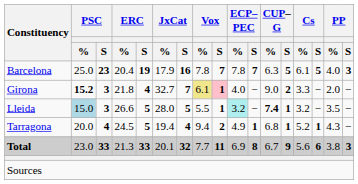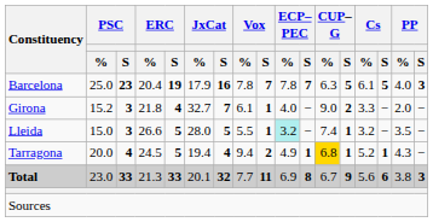 <table class="wikitable sortable" style="text-align:right; line-height:20px;">
 <tr>
 <th rowspan="3">Constituency</th>
 <th colspan="2" width="30px" class="unsortable"><a href='#'>PSC</a></th>
 <th colspan="2" width="30px" class="unsortable"><a href='#'>ERC</a></th>
 <th colspan="2" width="30px" class="unsortable"><a href='#'>JxCat</a></th>
 <th colspan="2" width="30px" class="unsortable"><a href='#'>Vox</a></th>
 <th colspan="2" width="30px" class="unsortable"><a href='#'>ECP–PEC</a></th>
 <th colspan="2" width="30px" class="unsortable"><a href='#'>CUP</a>–<a href='#'>G</a></th>
 <th colspan="2" width="30px" class="unsortable"><a href='#'>Cs</a></th>
 <th colspan="2" width="30px" class="unsortable"><a href='#'>PP</a></th>
 </tr>
 <tr>
 <th colspan="2" style="background:"></th>
 <th colspan="2" style="background:"></th>
 <th colspan="2" style="background:"></th>
 <th colspan="2" style="background:"></th>
 <th colspan="2" style="background:"></th>
 <th colspan="2" style="background:"></th>
 <th colspan="2" style="background:"></th>
 <th colspan="2" style="background:"></th>
 </tr>
 <tr>
 <th data-sort-type="number">%</th>
 <th data-sort-type="number">S</th>
 <th data-sort-type="number">%</th>
 <th data-sort-type="number">S</th>
 <th data-sort-type="number">%</th>
 <th data-sort-type="number">S</th>
 <th data-sort-type="number">%</th>
 <th data-sort-type="number">S</th>
 <th data-sort-type="number">%</th>
 <th data-sort-type="number">S</th>
 <th data-sort-type="number">%</th>
 <th data-sort-type="number">S</th>
 <th data-sort-type="number">%</th>
 <th data-sort-type="number">S</th>
 <th data-sort-type="number">%</th>
 <th data-sort-type="number">S</th>
 </tr>
 <tr>
 <td align="left"><a href='#'>Barcelona</a></td>
 <td style="background:">25.0</td>
 <td><strong>23</strong></td>
 <td>20.4</td>
 <td><strong>19</strong></td>
 <td>17.9</td>
 <td><strong>16</strong></td>
 <td>7.8</td>
 <td><strong>7</strong></td>
 <td>7.8</td>
 <td><strong>7</strong></td>
 <td>6.3</td>
 <td><strong>5</strong></td>
 <td>6.1</td>
 <td><strong>5</strong></td>
 <td>4.0</td>
 <td><strong>3</strong></td>
 </tr>
 <tr>
 <td align="left"><a href='#'>Girona</a></td>
-<td><strong>15.2</strong></td>
+<td>15.2</td>
 <td><strong>3</strong></td>
 <td>21.8</td>
 <td><strong>4</strong></td>
 <td style="background:">32.7</td>
 <td><strong>7</strong></td>
-<td style="background: khaki;">6.1</td>
-<td style="background: pink;"><strong>1</strong></td>
+<td>6.1</td>
+<td><strong>1</strong></td>
 <td>4.0</td>
 <td>−</td>
 <td>9.0</td>
 <td><strong>2</strong></td>
 <td>3.3</td>
 <td>−</td>
 <td>2.0</td>
 <td>−</td>
 </tr>
 <tr>
 <td align="left"><a href='#'>Lleida</a></td>
-<td style="background: lightblue;">15.0</td>
+<td>15.0</td>
 <td><strong>3</strong></td>
 <td>26.6</td>
 <td><strong>5</strong></td>
 <td style="background:">28.0</td>
 <td><strong>5</strong></td>
 <td>5.5</td>
 <td><strong>1</strong></td>
 <td style="background: paleturquoise;">3.2</td>
 <td>−</td>
-<td><strong>7.4</strong></td>
+<td>7.4</td>
 <td><strong>1</strong></td>
 <td>3.2</td>
 <td>−</td>
 <td>3.5</td>
 <td>−</td>
 </tr>
 <tr>
 <td align="left"><a href='#'>Tarragona</a></td>
 <td>20.0</td>
 <td><strong>4</strong></td>
 <td style="background:">24.5</td>
 <td><strong>5</strong></td>
 <td>19.4</td>
 <td><strong>4</strong></td>
 <td>9.4</td>
 <td><strong>2</strong></td>
 <td>4.9</td>
 <td><strong>1</strong></td>
-<td>6.8</td>
+<td style="background: gold;">6.8</td>
 <td><strong>1</strong></td>
 <td>5.2</td>
 <td><strong>1</strong></td>
 <td>4.3</td>
 <td>−</td>
 </tr>
 <tr style="background:#CDCDCD;">
 <td align="left"><strong>Total</strong></td>
 <td style="background:">23.0</td>
 <td><strong>33</strong></td>
 <td>21.3</td>
 <td><strong>33</strong></td>
 <td>20.1</td>
 <td><strong>32</strong></td>
 <td>7.7</td>
 <td><strong>11</strong></td>
 <td>6.9</td>
 <td><strong>8</strong></td>
 <td>6.7</td>
 <td><strong>9</strong></td>
 <td>5.6</td>
 <td><strong>6</strong></td>
 <td>3.8</td>
 <td><strong>3</strong></td>
 </tr>
 <tr>
 <th colspan="19"></th>
 </tr>
 <tr>
 <th style="text-align:left; font-weight:normal; background:#F9F9F9" colspan="19">Sources</th>
 </tr>
 </table>
